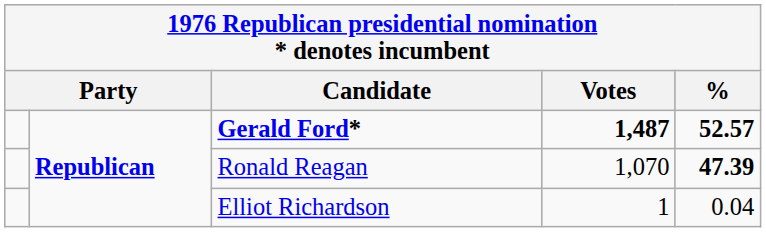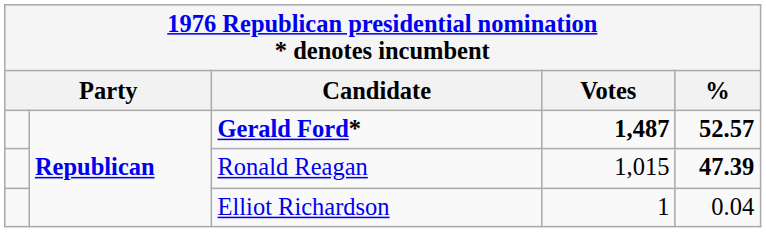 <table class="wikitable">
 <tr>
 <th colspan=5 style="background:#f5f5f5"><a href='#'>1976 Republican presidential nomination</a><br>* denotes incumbent</th>
 </tr>
 <tr>
 <th style="width: 8em;" colspan=2>Party</th>
 <th>Candidate</th>
 <th>Votes</th>
 <th>%</th>
 </tr>
 <tr>
 <td style="background-color: "></td>
 <td style="width: 7em;" rowspan=3><strong><a href='#'>Republican</a></strong></td>
 <td style="width: 13em;"><strong><a href='#'>Gerald Ford</a>*</strong></td>
 <td style="width: 5em; text-align:right"><strong>1,487</strong></td>
 <td style="width: 3em; text-align:right"><strong>52.57</strong></td>
 </tr>
 <tr>
 <td style="background-color: "></td>
 <td><a href='#'>Ronald Reagan</a></td>
-<td style="text-align:right">1,070</td>
+<td style="text-align:right">1,015</td>
 <td style="text-align:right"><strong>47.39</strong></td>
 </tr>
 <tr>
 <td style="background-color: "></td>
 <td><a href='#'>Elliot Richardson</a></td>
 <td style="text-align:right">1</td>
 <td style="text-align:right">0.04</td>
 </tr>
 </table>
